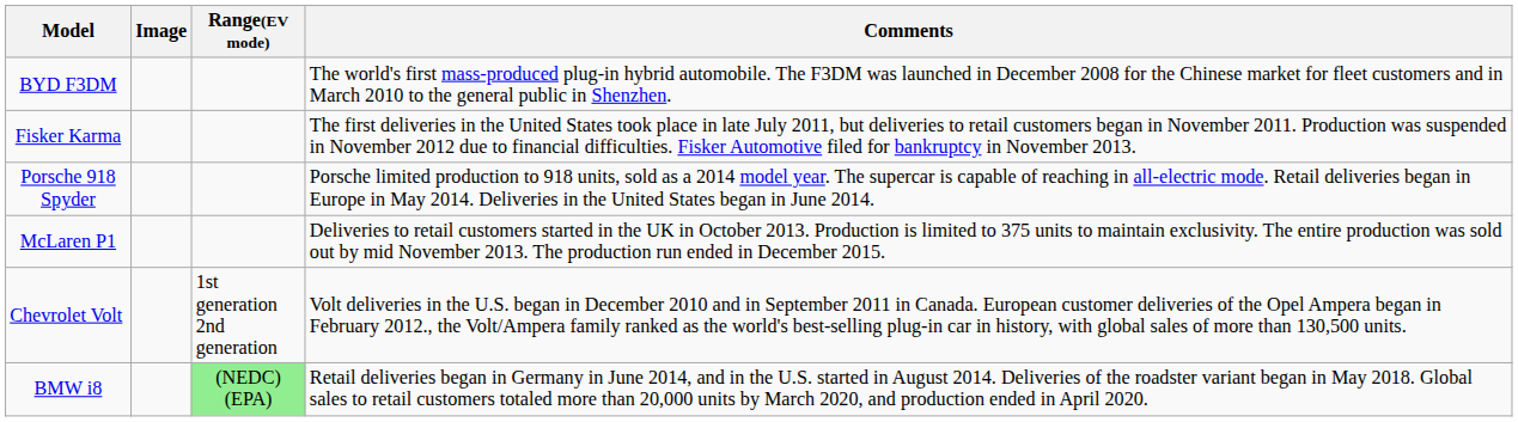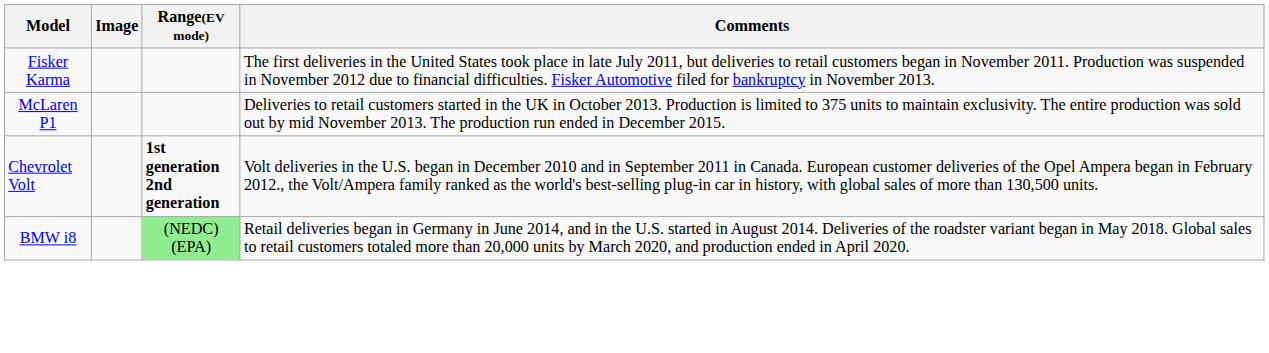 <table class="wikitable sortable">
 <tr>
 <th scope="col">Model</th>
 <th class="unsortable" scope="col">Image</th>
 <th scope="col">Range<small>(EV mode)</small></th>
 <th class="unsortable" scope="col">Comments</th>
 </tr>
 <tr align="center">
-<td><a href='#'>BYD F3DM</a></td>
-<td></td>
-<td></td>
-<td align="left">The world's first <a href='#'>mass-produced</a> plug-in hybrid automobile. The F3DM was launched in December 2008 for the Chinese market for fleet customers and in March 2010 to the general public in <a href='#'>Shenzhen</a>.</td>
-</tr>
-<tr align="center">
 <td><a href='#'>Fisker Karma</a></td>
 <td></td>
 <td></td>
 <td align="left">The first deliveries in the United States took place in late July 2011, but deliveries to retail customers began in November 2011. Production was suspended in November 2012 due to financial difficulties. <a href='#'>Fisker Automotive</a> filed for <a href='#'>bankruptcy</a> in November 2013.</td>
-</tr>
-<tr align="center">
-<td><a href='#'>Porsche 918 Spyder</a></td>
-<td></td>
-<td></td>
-<td align="left">Porsche limited production to 918 units, sold as a 2014 <a href='#'>model year</a>. The supercar is capable of reaching  in <a href='#'>all-electric mode</a>. Retail deliveries began in Europe in May 2014. Deliveries in the United States began in June 2014.</td>
 </tr>
 <tr align="center">
 <td><a href='#'>McLaren P1</a></td>
 <td></td>
 <td></td>
 <td align="left">Deliveries to retail customers started in the UK in October 2013. Production is limited to 375 units to maintain exclusivity. The entire production was sold out by mid November 2013. The production run ended in December 2015.</td>
 </tr>
 <tr>
 <td><a href='#'>Chevrolet Volt</a></td>
 <td></td>
-<td>1st generation<br> 2nd generation </td>
+<td><strong>1st generation<br> 2nd generation </strong></td>
 <td>Volt deliveries in the U.S. began in December 2010 and in September 2011 in Canada. European customer deliveries of the Opel Ampera began in February 2012., the Volt/Ampera family ranked as the world's best-selling plug-in car in history, with global sales of more than 130,500 units.</td>
 </tr>
 <tr align="center">
 <td><a href='#'>BMW i8</a></td>
 <td></td>
 <td style="background: lightgreen;">(NEDC) (EPA)</td>
 <td align="left">Retail deliveries began in Germany in June 2014, and in the U.S. started in August 2014. Deliveries of the roadster variant began in May 2018. Global sales to retail customers totaled more than 20,000 units by March 2020, and production ended in April 2020.</td>
 </tr>
 </table>
